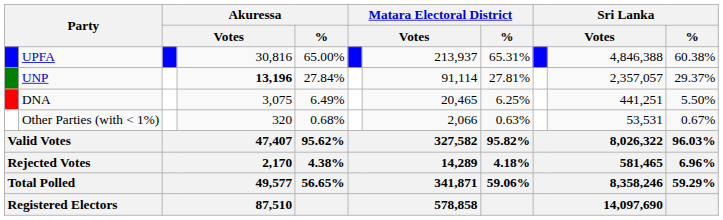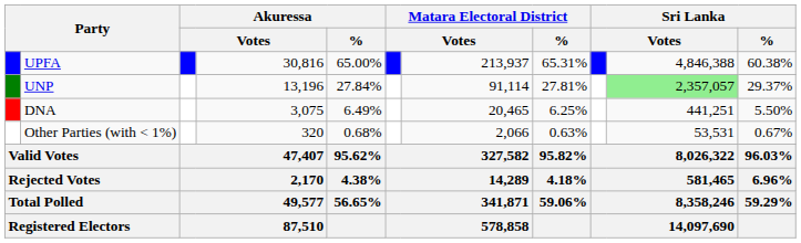 <table class="wikitable">
 <tr>
 <th colspan="2" width="144px"rowspan="2">Party</th>
 <th colspan="3" width="216px">Akuressa</th>
 <th colspan="3" width="216px"><a href='#'>Matara Electoral District</a></th>
 <th colspan="3" width="216px">Sri Lanka</th>
 </tr>
 <tr>
 <th colspan="2" width="144px">Votes</th>
 <th>%</th>
 <th colspan="2" width="144px">Votes</th>
 <th>%</th>
 <th colspan="2" width="144px">Votes</th>
 <th>%</th>
 </tr>
 <tr>
 <td style="background-color:blue;" width="10px"></td>
 <td style="text-align:left;"><a href='#'>UPFA</a></td>
 <td style="background-color:blue;" width="10px"></td>
 <td style="text-align:right;">30,816</td>
 <td style="text-align:right;">65.00%</td>
 <td style="background-color:blue;" width="10px"></td>
 <td style="text-align:right;">213,937</td>
 <td style="text-align:right;">65.31%</td>
 <td style="background-color:blue;" width="10px"></td>
 <td style="text-align:right;">4,846,388</td>
 <td style="text-align:right;">60.38%</td>
 </tr>
 <tr>
 <td style="background-color:green;" width="10px"></td>
 <td style="text-align:left;"><a href='#'>UNP</a></td>
 <td style="background-color:white;" width="10px"></td>
-<td style="text-align:right;"><strong>13,196</strong></td>
+<td style="text-align:right;">13,196</td>
 <td style="text-align:right;">27.84%</td>
 <td style="background-color:white;" width="10px"></td>
 <td style="text-align:right;">91,114</td>
 <td style="text-align:right;">27.81%</td>
 <td style="background-color:white;" width="10px"></td>
-<td style="text-align:right;">2,357,057</td>
+<td style="background: lightgreen; text-align:right;">2,357,057</td>
 <td style="text-align:right;">29.37%</td>
 </tr>
 <tr>
 <td style="background-color:red;" width="10px"></td>
 <td style="text-align:left;">DNA</td>
 <td style="background-color:white;" width="10px"></td>
 <td style="text-align:right;">3,075</td>
 <td style="text-align:right;">6.49%</td>
 <td style="background-color:white;" width="10px"></td>
 <td style="text-align:right;">20,465</td>
 <td style="text-align:right;">6.25%</td>
 <td style="background-color:white;" width="10px"></td>
 <td style="text-align:right;">441,251</td>
 <td style="text-align:right;">5.50%</td>
 </tr>
 <tr>
 <td style="background-color:white;" width="10px"></td>
 <td style="text-align:left;">Other Parties (with < 1%)</td>
 <td style="background-color:white;" width="10px"></td>
 <td style="text-align:right;">320</td>
 <td style="text-align:right;">0.68%</td>
 <td style="background-color:white;" width="10px"></td>
 <td style="text-align:right;">2,066</td>
 <td style="text-align:right;">0.63%</td>
 <td style="background-color:white;" width="10px"></td>
 <td style="text-align:right;">53,531</td>
 <td style="text-align:right;">0.67%</td>
 </tr>
 <tr>
 <th colspan="2" width="144px"style="text-align:left;">Valid Votes</th>
 <th style="text-align:right;"colspan="2" width="144px">47,407</th>
 <th style="text-align:right;">95.62%</th>
 <th style="text-align:right;"colspan="2" width="144px">327,582</th>
 <th style="text-align:right;">95.82%</th>
 <th style="text-align:right;"colspan="2" width="144px">8,026,322</th>
 <th style="text-align:right;">96.03%</th>
 </tr>
 <tr>
 <th colspan="2" width="144px"style="text-align:left;">Rejected Votes</th>
 <th style="text-align:right;"colspan="2" width="144px">2,170</th>
 <th style="text-align:right;">4.38%</th>
 <th style="text-align:right;"colspan="2" width="144px">14,289</th>
 <th style="text-align:right;">4.18%</th>
 <th style="text-align:right;"colspan="2" width="144px">581,465</th>
 <th style="text-align:right;">6.96%</th>
 </tr>
 <tr>
 <th colspan="2" width="144px"style="text-align:left;">Total Polled</th>
 <th style="text-align:right;"colspan="2" width="144px">49,577</th>
 <th style="text-align:right;">56.65%</th>
 <th style="text-align:right;"colspan="2" width="144px">341,871</th>
 <th style="text-align:right;">59.06%</th>
 <th style="text-align:right;"colspan="2" width="144px">8,358,246</th>
 <th style="text-align:right;">59.29%</th>
 </tr>
 <tr>
 <th colspan="2" width="144px"style="text-align:left;">Registered Electors</th>
 <th style="text-align:right;"colspan="2" width="144px">87,510</th>
 <th></th>
 <th style="text-align:right;"colspan="2" width="144px">578,858</th>
 <th></th>
 <th style="text-align:right;"colspan="2" width="144px">14,097,690</th>
 <th></th>
 </tr>
 </table>
